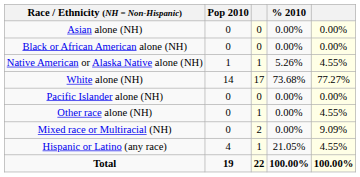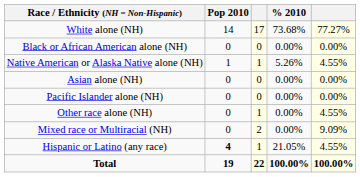 <table class="wikitable" style="text-align:center;">
 <tr>
 <th>Race / Ethnicity <small>(<em>NH = Non-Hispanic</em>)</small></th>
 <th>Pop 2010</th>
 <th></th>
 <th>% 2010</th>
 <th></th>
 </tr>
 <tr>
-<td><a href='#'>Asian</a> alone (NH)</td>
-<td>0</td>
-<td style='background: #ffffe6;'>0</td>
-<td>0.00%</td>
-<td style='background: #ffffe6;'>0.00%</td>
+<td><a href='#'>White</a> alone (NH)</td>
+<td>14</td>
+<td style='background: #ffffe6;'>17</td>
+<td>73.68%</td>
+<td style='background: #ffffe6;'>77.27%</td>
 </tr>
 <tr>
 <td><a href='#'>Black or African American</a> alone (NH)</td>
 <td>0</td>
 <td style='background: #ffffe6;'>0</td>
 <td>0.00%</td>
 <td style='background: #ffffe6;'>0.00%</td>
 </tr>
 <tr>
 <td><a href='#'>Native American</a> or <a href='#'>Alaska Native</a> alone (NH)</td>
 <td>1</td>
 <td style='background: #ffffe6;'>1</td>
 <td>5.26%</td>
 <td style='background: #ffffe6;'>4.55%</td>
 </tr>
 <tr>
-<td><a href='#'>White</a> alone (NH)</td>
-<td>14</td>
-<td style='background: #ffffe6;'>17</td>
-<td>73.68%</td>
-<td style='background: #ffffe6;'>77.27%</td>
+<td><a href='#'>Asian</a> alone (NH)</td>
+<td>0</td>
+<td style='background: #ffffe6;'>0</td>
+<td>0.00%</td>
+<td style='background: #ffffe6;'>0.00%</td>
 </tr>
 <tr>
 <td><a href='#'>Pacific Islander</a> alone (NH)</td>
 <td>0</td>
 <td style='background: #ffffe6;'>0</td>
 <td>0.00%</td>
 <td style='background: #ffffe6;'>0.00%</td>
 </tr>
 <tr>
 <td><a href='#'>Other race</a> alone (NH)</td>
 <td>0</td>
 <td style='background: #ffffe6;'>1</td>
 <td>0.00%</td>
 <td style='background: #ffffe6;'>4.55%</td>
 </tr>
 <tr>
 <td><a href='#'>Mixed race or Multiracial</a> (NH)</td>
 <td>0</td>
 <td style='background: #ffffe6;'>2</td>
 <td>0.00%</td>
 <td style='background: #ffffe6;'>9.09%</td>
 </tr>
 <tr>
 <td><a href='#'>Hispanic or Latino</a> (any race)</td>
-<td>4</td>
+<td><strong>4</strong></td>
 <td style='background: #ffffe6;'>1</td>
 <td>21.05%</td>
 <td style='background: #ffffe6;'>4.55%</td>
 </tr>
 <tr>
 <td><strong>Total</strong></td>
 <td><strong>19</strong></td>
 <td style='background: #ffffe6;'><strong>22</strong></td>
 <td><strong>100.00%</strong></td>
 <td style='background: #ffffe6;'><strong>100.00%</strong></td>
 </tr>
 </table>
